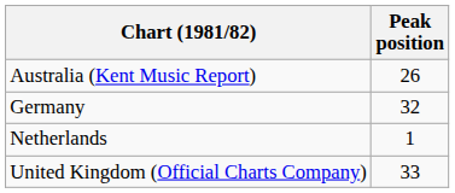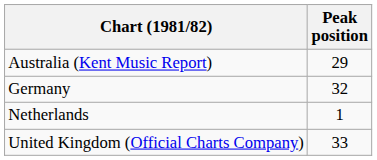 <table class="wikitable">
 <tr>
 <th scope="col">Chart (1981/82)</th>
 <th>Peak<br>position</th>
 </tr>
 <tr>
 <td>Australia (<a href='#'>Kent Music Report</a>)</td>
-<td style="text-align:center;">26</td>
+<td style="text-align:center;">29</td>
 </tr>
 <tr>
 <td>Germany</td>
 <td style="text-align:center;">32</td>
 </tr>
 <tr>
 <td>Netherlands</td>
 <td style="text-align:center;">1</td>
 </tr>
 <tr>
 <td>United Kingdom (<a href='#'>Official Charts Company</a>)</td>
 <td style="text-align:center;">33</td>
 </tr>
 </table>
